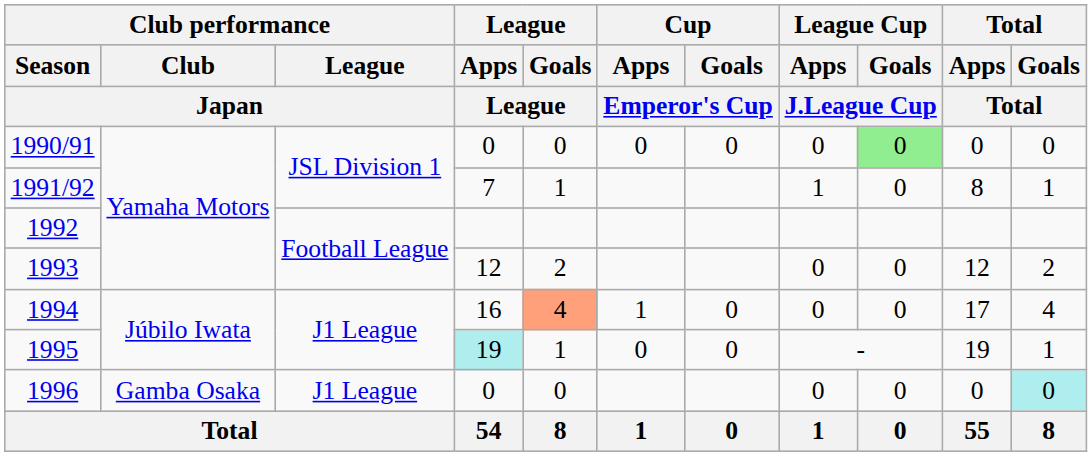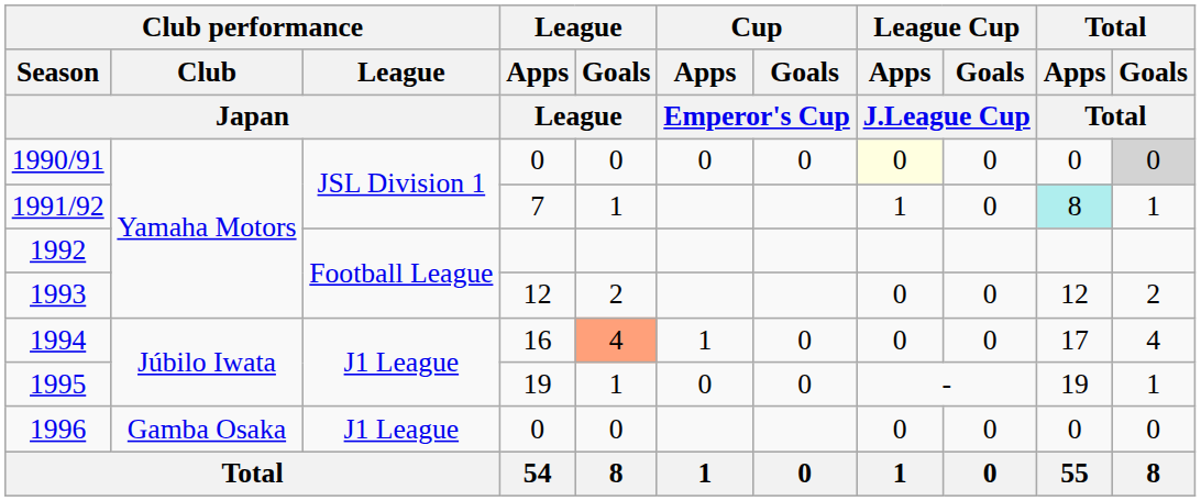 <table class="wikitable" style="text-align:center;">
 <tr>
 <th colspan=3>Club performance</th>
 <th colspan=2>League</th>
 <th colspan=2>Cup</th>
 <th colspan=2>League Cup</th>
 <th colspan=2>Total</th>
 </tr>
 <tr>
 <th>Season</th>
 <th>Club</th>
 <th>League</th>
 <th>Apps</th>
 <th>Goals</th>
 <th>Apps</th>
 <th>Goals</th>
 <th>Apps</th>
 <th>Goals</th>
 <th>Apps</th>
 <th>Goals</th>
 </tr>
 <tr>
 <th colspan=3>Japan</th>
 <th colspan=2>League</th>
 <th colspan=2><a href='#'>Emperor's Cup</a></th>
 <th colspan=2><a href='#'>J.League Cup</a></th>
 <th colspan=2>Total</th>
 </tr>
 <tr>
 <td><a href='#'>1990/91</a></td>
 <td rowspan="4"><a href='#'>Yamaha Motors</a></td>
 <td rowspan="2"><a href='#'>JSL Division 1</a></td>
 <td>0</td>
 <td>0</td>
 <td>0</td>
 <td>0</td>
-<td>0</td>
-<td style="background: lightgreen;">0</td>
+<td style="background: lightyellow;">0</td>
 <td>0</td>
 <td>0</td>
+<td style="background: lightgrey;">0</td>
 </tr>
 <tr>
 <td><a href='#'>1991/92</a></td>
 <td>7</td>
 <td>1</td>
 <td></td>
 <td></td>
 <td>1</td>
 <td>0</td>
-<td>8</td>
+<td style="background: paleturquoise;">8</td>
 <td>1</td>
 </tr>
 <tr>
 <td><a href='#'>1992</a></td>
 <td rowspan="2"><a href='#'>Football League</a></td>
 <td></td>
 <td></td>
 <td></td>
 <td></td>
 <td></td>
 <td></td>
 <td></td>
 <td></td>
 </tr>
 <tr>
 <td><a href='#'>1993</a></td>
 <td>12</td>
 <td>2</td>
 <td></td>
 <td></td>
 <td>0</td>
 <td>0</td>
 <td>12</td>
 <td>2</td>
 </tr>
 <tr>
 <td><a href='#'>1994</a></td>
 <td rowspan="2"><a href='#'>Júbilo Iwata</a></td>
 <td rowspan="2"><a href='#'>J1 League</a></td>
 <td>16</td>
 <td style="background: lightsalmon;">4</td>
 <td>1</td>
 <td>0</td>
 <td>0</td>
 <td>0</td>
 <td>17</td>
 <td>4</td>
 </tr>
 <tr>
 <td><a href='#'>1995</a></td>
-<td style="background: paleturquoise;">19</td>
+<td>19</td>
 <td>1</td>
 <td>0</td>
 <td>0</td>
 <td colspan="2">-</td>
 <td>19</td>
 <td>1</td>
 </tr>
 <tr>
 <td><a href='#'>1996</a></td>
 <td><a href='#'>Gamba Osaka</a></td>
 <td><a href='#'>J1 League</a></td>
 <td>0</td>
 <td>0</td>
 <td></td>
 <td></td>
 <td>0</td>
 <td>0</td>
 <td>0</td>
-<td style="background: paleturquoise;">0</td>
+<td>0</td>
 </tr>
 <tr>
 <th colspan=3>Total</th>
 <th>54</th>
 <th>8</th>
 <th>1</th>
 <th>0</th>
 <th>1</th>
 <th>0</th>
 <th>55</th>
 <th>8</th>
 </tr>
 </table>
